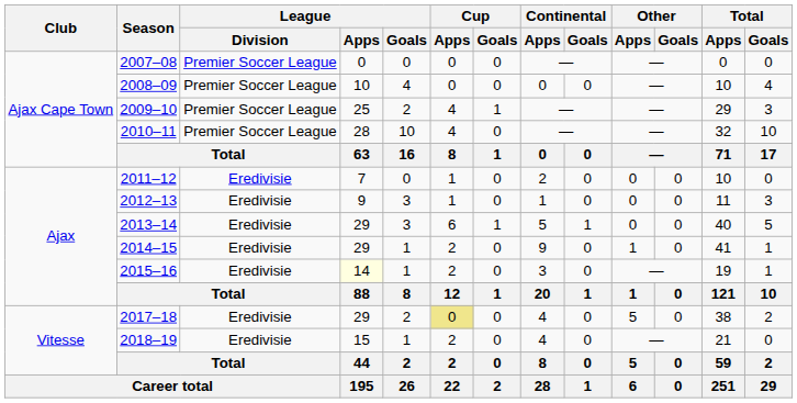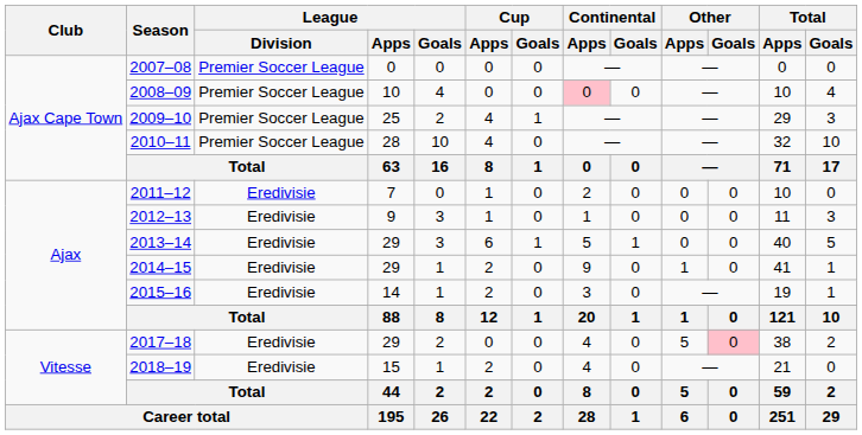 <table class="wikitable" style="text-align: center;">
 <tr>
 <th rowspan="2">Club</th>
 <th rowspan="2">Season</th>
 <th colspan="3">League</th>
 <th colspan="2">Cup</th>
 <th colspan="2">Continental</th>
 <th colspan="2">Other</th>
 <th colspan="2">Total</th>
 </tr>
 <tr>
 <th>Division</th>
 <th>Apps</th>
 <th>Goals</th>
 <th>Apps</th>
 <th>Goals</th>
 <th>Apps</th>
 <th>Goals</th>
 <th>Apps</th>
 <th>Goals</th>
 <th>Apps</th>
 <th>Goals</th>
 </tr>
 <tr>
 <td rowspan="5" valign="center"><a href='#'>Ajax Cape Town</a></td>
 <td><a href='#'>2007–08</a></td>
 <td><a href='#'>Premier Soccer League</a></td>
 <td>0</td>
 <td>0</td>
 <td>0</td>
 <td>0</td>
 <td colspan="2">—</td>
 <td colspan="2">—</td>
 <td>0</td>
 <td>0</td>
 </tr>
 <tr>
 <td><a href='#'>2008–09</a></td>
 <td>Premier Soccer League</td>
 <td>10</td>
 <td>4</td>
 <td>0</td>
 <td>0</td>
-<td>0</td>
+<td style="background: pink;">0</td>
 <td>0</td>
 <td colspan="2">—</td>
 <td>10</td>
 <td>4</td>
 </tr>
 <tr>
 <td><a href='#'>2009–10</a></td>
 <td>Premier Soccer League</td>
 <td>25</td>
 <td>2</td>
 <td>4</td>
 <td>1</td>
 <td colspan="2">—</td>
 <td colspan="2">—</td>
 <td>29</td>
 <td>3</td>
 </tr>
 <tr>
 <td><a href='#'>2010–11</a></td>
 <td>Premier Soccer League</td>
 <td>28</td>
 <td>10</td>
 <td>4</td>
 <td>0</td>
 <td colspan="2">—</td>
 <td colspan="2">—</td>
 <td>32</td>
 <td>10</td>
 </tr>
 <tr>
 <th colspan="2">Total</th>
 <th>63</th>
 <th>16</th>
 <th>8</th>
 <th>1</th>
 <th>0</th>
 <th>0</th>
 <th colspan="2">—</th>
 <th>71</th>
 <th>17</th>
 </tr>
 <tr>
 <td rowspan="6" valign="center"><a href='#'>Ajax</a></td>
 <td><a href='#'>2011–12</a></td>
 <td><a href='#'>Eredivisie</a></td>
 <td>7</td>
 <td>0</td>
 <td>1</td>
 <td>0</td>
 <td>2</td>
 <td>0</td>
 <td>0</td>
 <td>0</td>
 <td>10</td>
 <td>0</td>
 </tr>
 <tr>
 <td><a href='#'>2012–13</a></td>
 <td>Eredivisie</td>
 <td>9</td>
 <td>3</td>
 <td>1</td>
 <td>0</td>
 <td>1</td>
 <td>0</td>
 <td>0</td>
 <td>0</td>
 <td>11</td>
 <td>3</td>
 </tr>
 <tr>
 <td><a href='#'>2013–14</a></td>
 <td>Eredivisie</td>
 <td>29</td>
 <td>3</td>
 <td>6</td>
 <td>1</td>
 <td>5</td>
 <td>1</td>
 <td>0</td>
 <td>0</td>
 <td>40</td>
 <td>5</td>
 </tr>
 <tr>
 <td><a href='#'>2014–15</a></td>
 <td>Eredivisie</td>
 <td>29</td>
 <td>1</td>
 <td>2</td>
 <td>0</td>
 <td>9</td>
 <td>0</td>
 <td>1</td>
 <td>0</td>
 <td>41</td>
 <td>1</td>
 </tr>
 <tr>
 <td><a href='#'>2015–16</a></td>
 <td>Eredivisie</td>
-<td style="background: lightyellow;">14</td>
+<td>14</td>
 <td>1</td>
 <td>2</td>
 <td>0</td>
 <td>3</td>
 <td>0</td>
 <td colspan="2">—</td>
 <td>19</td>
 <td>1</td>
 </tr>
 <tr>
 <th colspan="2">Total</th>
 <th>88</th>
 <th>8</th>
 <th>12</th>
 <th>1</th>
 <th>20</th>
 <th>1</th>
 <th>1</th>
 <th>0</th>
 <th>121</th>
 <th>10</th>
 </tr>
 <tr>
 <td rowspan="3" valign="center"><a href='#'>Vitesse</a></td>
 <td><a href='#'>2017–18</a></td>
 <td>Eredivisie</td>
 <td>29</td>
 <td>2</td>
-<td style="background: khaki;">0</td>
+<td>0</td>
 <td>0</td>
 <td>4</td>
 <td>0</td>
 <td>5</td>
-<td>0</td>
+<td style="background: pink;">0</td>
 <td>38</td>
 <td>2</td>
 </tr>
 <tr>
 <td><a href='#'>2018–19</a></td>
 <td>Eredivisie</td>
 <td>15</td>
 <td>1</td>
 <td>2</td>
 <td>0</td>
 <td>4</td>
 <td>0</td>
 <td colspan="2">—</td>
 <td>21</td>
 <td>0</td>
 </tr>
 <tr>
 <th colspan="2">Total</th>
 <th>44</th>
 <th>2</th>
 <th>2</th>
 <th>0</th>
 <th>8</th>
 <th>0</th>
 <th>5</th>
 <th>0</th>
 <th>59</th>
 <th>2</th>
 </tr>
 <tr>
 <th colspan="3">Career total</th>
 <th>195</th>
 <th>26</th>
 <th>22</th>
 <th>2</th>
 <th>28</th>
 <th>1</th>
 <th>6</th>
 <th>0</th>
 <th>251</th>
 <th>29</th>
 </tr>
 </table>
